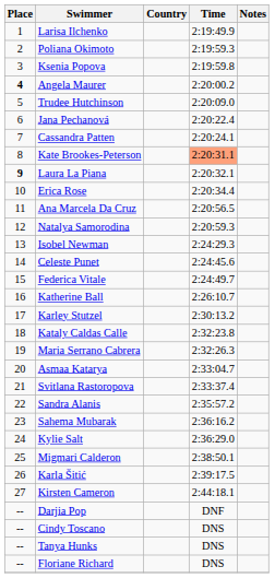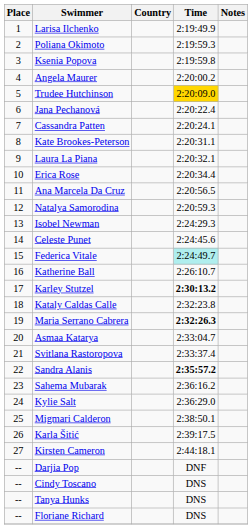 <table class="wikitable" style="text-align:center">
 <tr>
 <th>Place</th>
 <th>Swimmer</th>
 <th>Country</th>
 <th>Time</th>
 <th>Notes</th>
 </tr>
 <tr>
 <td>1</td>
 <td align=left><a href='#'>Larisa Ilchenko</a></td>
 <td align=left></td>
 <td>2:19:49.9</td>
 <td></td>
 </tr>
 <tr>
 <td>2</td>
 <td align=left><a href='#'>Poliana Okimoto</a></td>
 <td align=left></td>
 <td>2:19:59.3</td>
 <td></td>
 </tr>
 <tr>
 <td>3</td>
 <td align=left><a href='#'>Ksenia Popova</a></td>
 <td align=left></td>
 <td>2:19:59.8</td>
 <td></td>
 </tr>
 <tr>
-<td><strong>4</strong></td>
+<td>4</td>
 <td align=left><a href='#'>Angela Maurer</a></td>
 <td align=left></td>
 <td>2:20:00.2</td>
 <td></td>
 </tr>
 <tr>
 <td>5</td>
 <td align=left><a href='#'>Trudee Hutchinson</a></td>
 <td align=left></td>
-<td>2:20:09.0</td>
+<td style="background: gold;">2:20:09.0</td>
 <td></td>
 </tr>
 <tr>
 <td>6</td>
 <td align=left><a href='#'>Jana Pechanová</a></td>
 <td align=left></td>
 <td>2:20:22.4</td>
 <td></td>
 </tr>
 <tr>
 <td>7</td>
 <td align=left><a href='#'>Cassandra Patten</a></td>
 <td align=left></td>
 <td>2:20:24.1</td>
 <td></td>
 </tr>
 <tr>
 <td>8</td>
 <td align=left><a href='#'>Kate Brookes-Peterson</a></td>
 <td align=left></td>
-<td style="background: lightsalmon;">2:20:31.1</td>
+<td>2:20:31.1</td>
 <td></td>
 </tr>
 <tr>
-<td><strong>9</strong></td>
+<td>9</td>
 <td align=left><a href='#'>Laura La Piana</a></td>
 <td align=left></td>
 <td>2:20:32.1</td>
 <td></td>
 </tr>
 <tr>
 <td>10</td>
 <td align=left><a href='#'>Erica Rose</a></td>
 <td align=left></td>
 <td>2:20:34.4</td>
 <td></td>
 </tr>
 <tr>
 <td>11</td>
 <td align=left><a href='#'>Ana Marcela Da Cruz</a></td>
 <td align=left></td>
 <td>2:20:56.5</td>
 <td></td>
 </tr>
 <tr>
 <td>12</td>
 <td align=left><a href='#'>Natalya Samorodina</a></td>
 <td align=left></td>
 <td>2:20:59.3</td>
 <td></td>
 </tr>
 <tr>
 <td>13</td>
 <td align=left><a href='#'>Isobel Newman</a></td>
 <td align=left></td>
 <td>2:24:29.3</td>
 <td></td>
 </tr>
 <tr>
 <td>14</td>
 <td align=left><a href='#'>Celeste Punet</a></td>
 <td align=left></td>
 <td>2:24:45.6</td>
 <td></td>
 </tr>
 <tr>
 <td>15</td>
 <td align=left><a href='#'>Federica Vitale</a></td>
 <td align=left></td>
-<td>2:24:49.7</td>
+<td style="background: paleturquoise;">2:24:49.7</td>
 <td></td>
 </tr>
 <tr>
 <td>16</td>
 <td align=left><a href='#'>Katherine Ball</a></td>
 <td align=left></td>
 <td>2:26:10.7</td>
 <td></td>
 </tr>
 <tr>
 <td>17</td>
 <td align=left><a href='#'>Karley Stutzel</a></td>
 <td align=left></td>
-<td>2:30:13.2</td>
+<td><strong>2:30:13.2</strong></td>
 <td></td>
 </tr>
 <tr>
 <td>18</td>
 <td align=left><a href='#'>Kataly Caldas Calle</a></td>
 <td align=left></td>
 <td>2:32:23.8</td>
 <td></td>
 </tr>
 <tr>
 <td>19</td>
 <td align=left><a href='#'>Maria Serrano Cabrera</a></td>
 <td align=left></td>
-<td>2:32:26.3</td>
+<td><strong>2:32:26.3</strong></td>
 <td></td>
 </tr>
 <tr>
 <td>20</td>
 <td align=left><a href='#'>Asmaa Katarya</a></td>
 <td align=left></td>
 <td>2:33:04.7</td>
 <td></td>
 </tr>
 <tr>
 <td>21</td>
 <td align=left><a href='#'>Svitlana Rastoropova</a></td>
 <td align=left></td>
 <td>2:33:37.4</td>
 <td></td>
 </tr>
 <tr>
 <td>22</td>
 <td align=left><a href='#'>Sandra Alanis</a></td>
 <td align=left></td>
-<td>2:35:57.2</td>
+<td><strong>2:35:57.2</strong></td>
 <td></td>
 </tr>
 <tr>
 <td>23</td>
 <td align=left><a href='#'>Sahema Mubarak</a></td>
 <td align=left></td>
 <td>2:36:16.2</td>
 <td></td>
 </tr>
 <tr>
 <td>24</td>
 <td align=left><a href='#'>Kylie Salt</a></td>
 <td align=left></td>
 <td>2:36:29.0</td>
 <td></td>
 </tr>
 <tr>
 <td>25</td>
 <td align=left><a href='#'>Migmari Calderon</a></td>
 <td align=left></td>
 <td>2:38:50.1</td>
 <td></td>
 </tr>
 <tr>
 <td>26</td>
 <td align=left><a href='#'>Karla Šitić</a></td>
 <td align=left></td>
 <td>2:39:17.5</td>
 <td></td>
 </tr>
 <tr>
 <td>27</td>
 <td align=left><a href='#'>Kirsten Cameron</a></td>
 <td align=left></td>
 <td>2:44:18.1</td>
 <td></td>
 </tr>
 <tr>
 <td>--</td>
 <td align=left><a href='#'>Darjia Pop</a></td>
 <td align=left></td>
 <td>DNF</td>
 <td></td>
 </tr>
 <tr>
 <td>--</td>
 <td align=left><a href='#'>Cindy Toscano</a></td>
 <td align=left></td>
 <td>DNS</td>
 <td></td>
 </tr>
 <tr>
 <td>--</td>
 <td align=left><a href='#'>Tanya Hunks</a></td>
 <td align=left></td>
 <td>DNS</td>
 <td></td>
 </tr>
 <tr>
 <td>--</td>
 <td align=left><a href='#'>Floriane Richard</a></td>
 <td align=left></td>
 <td>DNS</td>
 <td></td>
 </tr>
 <tr>
 </tr>
 </table>
